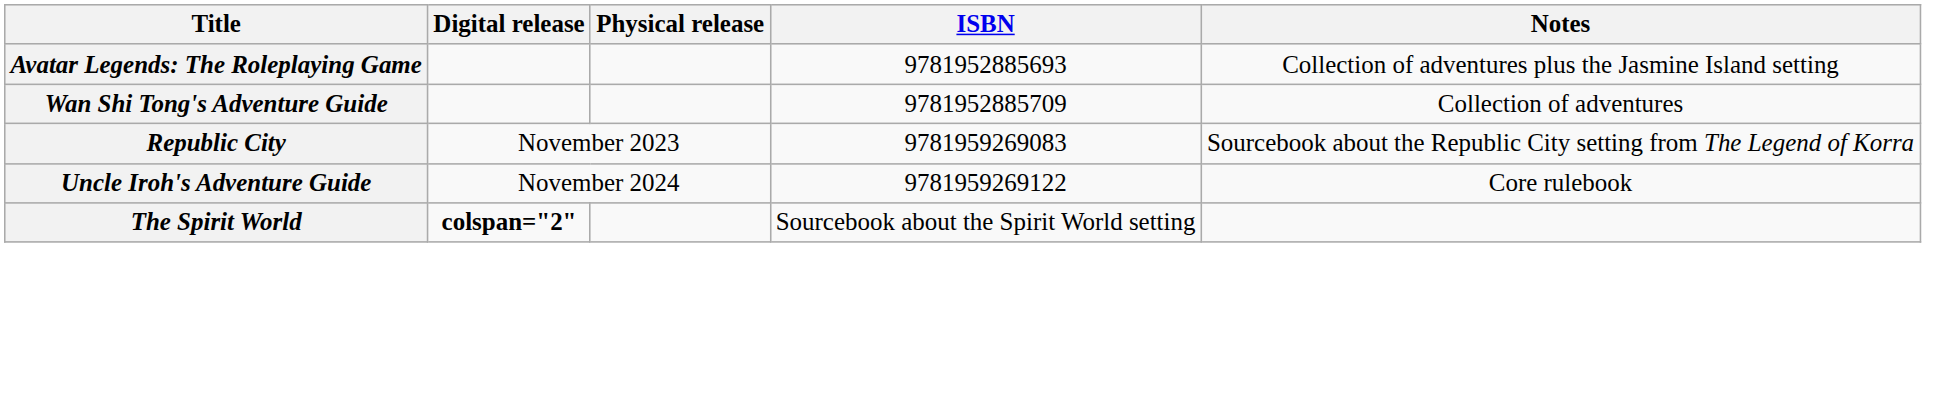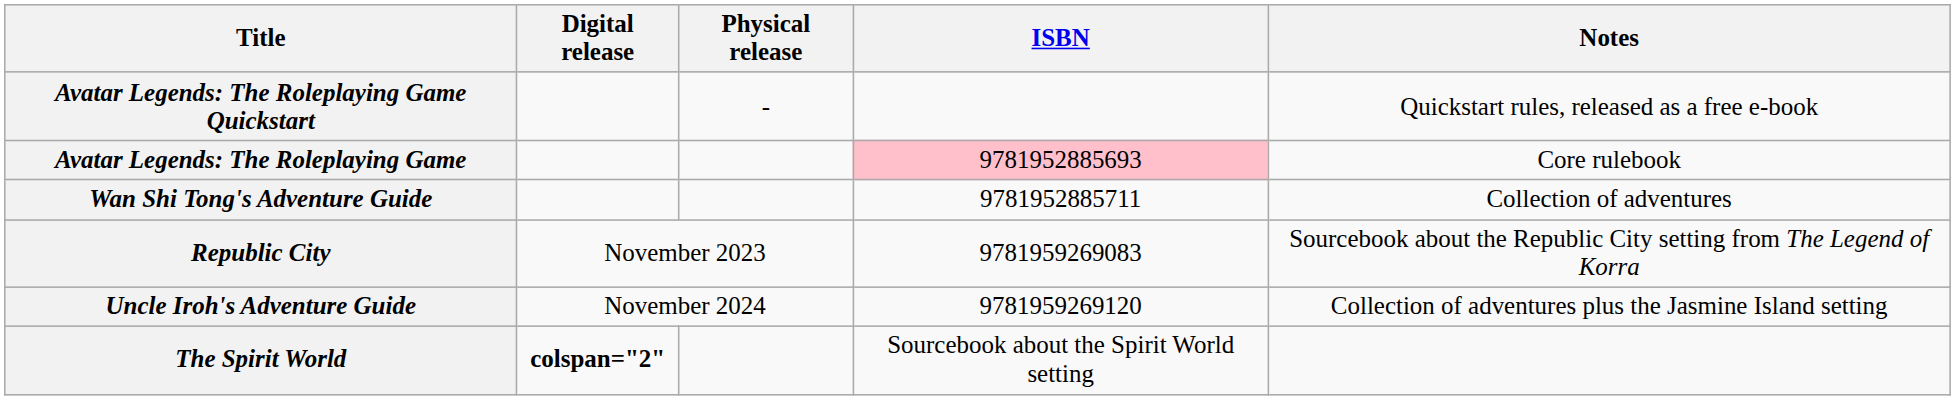 <table class="wikitable sortable">
 <tr>
 <th scope="col">Title</th>
 <th scope="col">Digital release</th>
 <th scope="col">Physical release</th>
 <th scope="col"><a href='#'>ISBN</a></th>
 <th scope="col">Notes</th>
 </tr>
 <tr style="text-align: center;">
+<th scope="row"><em>Avatar Legends: The Roleplaying Game Quickstart</em></th>
+<td></td>
+<td>-</td>
+<td></td>
+<td>Quickstart rules, released as a free e-book</td>
+</tr>
+<tr style="text-align: center;">
 <th scope="row"><em>Avatar Legends: The Roleplaying Game</em></th>
 <td></td>
 <td></td>
-<td>9781952885693</td>
-<td>Collection of adventures plus the Jasmine Island setting</td>
+<td style="background: pink;">9781952885693</td>
+<td>Core rulebook</td>
 </tr>
 <tr style="text-align: center;">
 <th scope="row"><em>Wan Shi Tong's Adventure Guide</em></th>
 <td></td>
 <td></td>
-<td>9781952885709</td>
+<td>9781952885711</td>
 <td>Collection of adventures</td>
 </tr>
 <tr style="text-align: center;">
 <th scope="row"><em>Republic City</em></th>
 <td colspan="2">November 2023</td>
 <td>9781959269083</td>
 <td>Sourcebook about the Republic City setting from <em>The Legend of Korra</em></td>
 </tr>
 <tr style="text-align: center;">
 <th scope="row"><em>Uncle Iroh's Adventure Guide</em></th>
 <td colspan="2">November 2024</td>
-<td>9781959269122</td>
-<td>Core rulebook</td>
+<td>9781959269120</td>
+<td>Collection of adventures plus the Jasmine Island setting</td>
 </tr>
 <tr style="text-align: center;">
 <th scope="row"><em>The Spirit World</em></th>
 <td><strong>colspan="2" </strong></td>
 <td></td>
 <td>Sourcebook about the Spirit World setting</td>
 </tr>
 </table>
